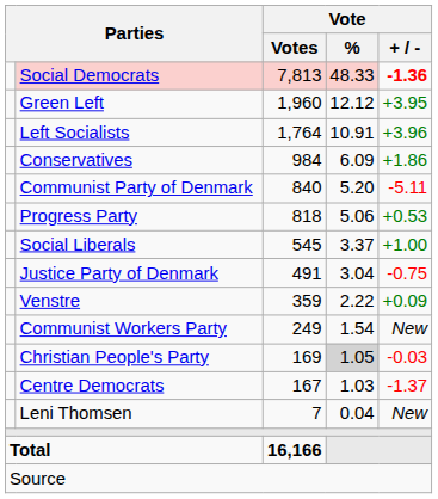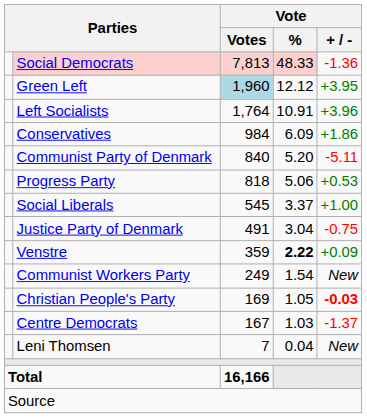 <table class="wikitable" style="text-align:right;">
 <tr>
 <th style="text-align:centre;" rowspan="2" colspan="2" width="225">Parties</th>
 <th colspan="3">Vote</th>
 </tr>
 <tr>
 <th width="15">Votes</th>
 <th width="15">%</th>
 <th width="15">+ / -</th>
 </tr>
 <tr>
 <td width="2" style="color:inherit;background:"></td>
 <td bgcolor=#fbd0ce  align="left"><a href='#'>Social Democrats</a></td>
 <td bgcolor=#fbd0ce>7,813</td>
 <td bgcolor=#fbd0ce>48.33</td>
-<td style=color:red;><strong>-1.36</strong></td>
+<td style=color:red;>-1.36</td>
 </tr>
 <tr>
 <td width="2" style="color:inherit;background:"></td>
 <td align="left"><a href='#'>Green Left</a></td>
-<td>1,960</td>
+<td style="background: lightblue;">1,960</td>
 <td>12.12</td>
 <td style=color:green;>+3.95</td>
 </tr>
 <tr>
 <td width="2" style="color:inherit;background:"></td>
 <td align="left"><a href='#'>Left Socialists</a></td>
 <td>1,764</td>
 <td>10.91</td>
 <td style=color:green;>+3.96</td>
 </tr>
 <tr>
 <td width="2" style="color:inherit;background:"></td>
 <td align="left"><a href='#'>Conservatives</a></td>
 <td>984</td>
 <td>6.09</td>
 <td style=color:green;>+1.86</td>
 </tr>
 <tr>
 <td width="2" style="color:inherit;background:"></td>
 <td align="left"><a href='#'>Communist Party of Denmark</a></td>
 <td>840</td>
 <td>5.20</td>
 <td style=color:red;>-5.11</td>
 </tr>
 <tr>
 <td width="2" style="color:inherit;background:"></td>
 <td align="left"><a href='#'>Progress Party</a></td>
 <td>818</td>
 <td>5.06</td>
 <td style=color:green;>+0.53</td>
 </tr>
 <tr>
 <td width="2" style="color:inherit;background:"></td>
 <td align="left"><a href='#'>Social Liberals</a></td>
 <td>545</td>
 <td>3.37</td>
 <td style=color:green;>+1.00</td>
 </tr>
 <tr>
 <td width="2" style="color:inherit;background:"></td>
 <td align="left"><a href='#'>Justice Party of Denmark</a></td>
 <td>491</td>
 <td>3.04</td>
 <td style=color:red;>-0.75</td>
 </tr>
 <tr>
 <td width="2" style="color:inherit;background:"></td>
 <td align="left"><a href='#'>Venstre</a></td>
 <td>359</td>
-<td>2.22</td>
+<td><strong>2.22</strong></td>
 <td style=color:green;>+0.09</td>
 </tr>
 <tr>
 <td width="2" style="color:inherit;background:"></td>
 <td align="left"><a href='#'>Communist Workers Party</a></td>
 <td>249</td>
 <td>1.54</td>
 <td><em>New</em></td>
 </tr>
 <tr>
 <td width="2" style="color:inherit;background:"></td>
 <td align="left"><a href='#'>Christian People's Party</a></td>
 <td>169</td>
-<td style="background: lightgrey;">1.05</td>
-<td style=color:red;>-0.03</td>
+<td>1.05</td>
+<td style=color:red;><strong>-0.03</strong></td>
 </tr>
 <tr>
 <td width="2" style="color:inherit;background:"></td>
 <td align="left"><a href='#'>Centre Democrats</a></td>
 <td>167</td>
 <td>1.03</td>
 <td style=color:red;>-1.37</td>
 </tr>
 <tr>
 <td width="2" style="color:inherit;background:"></td>
 <td align="left">Leni Thomsen</td>
 <td>7</td>
 <td>0.04</td>
 <td><em>New</em></td>
 </tr>
 <tr>
 <td colspan="7" bgcolor="#E9E9E9"></td>
 </tr>
 <tr>
 <td align="left" colspan="2"><strong>Total</strong></td>
 <td><strong>16,166</strong></td>
 <td bgcolor="#E9E9E9" colspan="2"></td>
 </tr>
 <tr>
 <td align="left" colspan="6">Source</td>
 </tr>
 </table>
